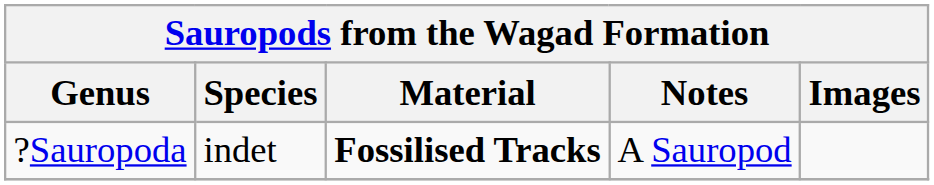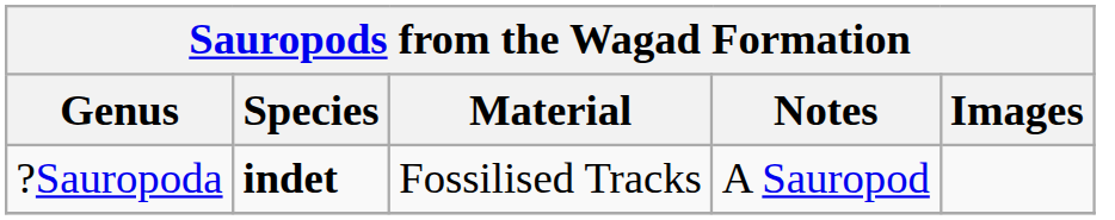 <table class="wikitable" align="center">
 <tr>
 <th colspan="7" align="center"><strong><a href='#'>Sauropods</a> from the Wagad Formation</strong></th>
 </tr>
 <tr>
 <th>Genus</th>
 <th>Species</th>
 <th>Material</th>
 <th>Notes</th>
 <th>Images</th>
 </tr>
 <tr>
 <td>?<a href='#'>Sauropoda</a></td>
-<td>indet</td>
-<td><strong>Fossilised Tracks</strong></td>
+<td><strong>indet</strong></td>
+<td>Fossilised Tracks</td>
 <td>A <a href='#'>Sauropod</a></td>
 <td></td>
 </tr>
 <tr>
 </tr>
 </table>
